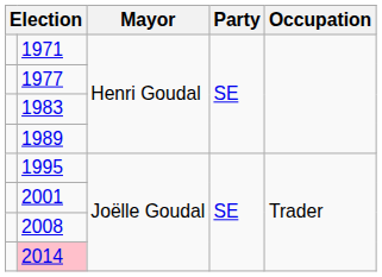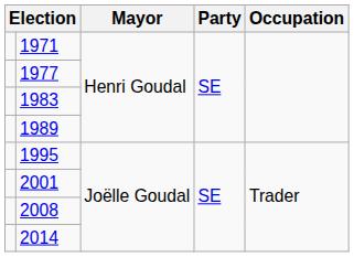 <table class="wikitable">
 <tr>
 <th colspan="2">Election</th>
 <th>Mayor</th>
 <th>Party</th>
 <th>Occupation</th>
 </tr>
 <tr>
 <td style="background-color: "></td>
 <td><a href='#'>1971</a></td>
 <td rowspan="4">Henri Goudal</td>
 <td rowspan="4"><a href='#'>SE</a></td>
 <td rowspan="4"></td>
 </tr>
 <tr>
 <td style="background-color: "></td>
 <td><a href='#'>1977</a></td>
 </tr>
 <tr>
 <td style="background-color: "></td>
 <td><a href='#'>1983</a></td>
 </tr>
 <tr>
 <td style="background-color: "></td>
 <td><a href='#'>1989</a></td>
 </tr>
 <tr>
 <td style="background-color: "></td>
 <td><a href='#'>1995</a></td>
 <td rowspan="4">Joëlle Goudal</td>
 <td rowspan="4"><a href='#'>SE</a></td>
 <td rowspan="4">Trader</td>
 </tr>
 <tr>
 <td style="background-color: "></td>
 <td><a href='#'>2001</a></td>
 </tr>
 <tr>
 <td style="background-color: "></td>
 <td><a href='#'>2008</a></td>
 </tr>
 <tr>
 <td style="background-color: "></td>
-<td style="background: pink;"><a href='#'>2014</a></td>
+<td><a href='#'>2014</a></td>
 </tr>
 </table>
